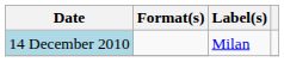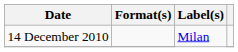 <table class="wikitable plainrowheaders">
 <tr>
 <th scope="col">Date</th>
 <th scope="col">Format(s)</th>
 <th scope="col">Label(s)</th>
 <th scope="col"></th>
 </tr>
 <tr>
-<td style="background: lightblue;">14 December 2010</td>
+<td>14 December 2010</td>
 <td></td>
 <td rowspan="2"><a href='#'>Milan</a></td>
 <td></td>
 </tr>
 <tr>
 </tr>
 </table>
